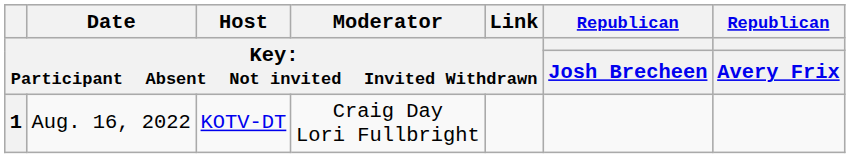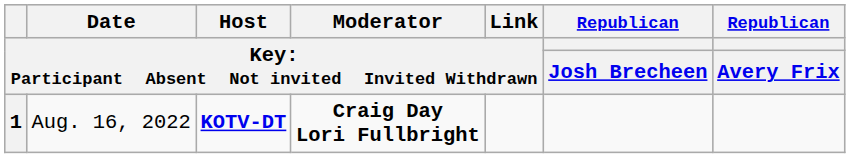 <table class="wikitable" style="text-align:center;">
 <tr>
 <th scope="col"></th>
 <th scope="col">Date</th>
 <th scope="col">Host</th>
 <th scope="col">Moderator</th>
 <th scope="col">Link</th>
 <th scope="col"><small><a href='#'>Republican</a></small></th>
 <th scope="col"><small><a href='#'>Republican</a></small></th>
 </tr>
 <tr>
 <th colspan="5" rowspan="2">Key:<br> <small>Participant </small>  <small>Absent </small>  <small>Not invited </small>  <small>Invited  Withdrawn</small></th>
 <th scope="col" style="background:"></th>
 <th scope="col" style="background:"></th>
 </tr>
 <tr>
 <th scope="col"><a href='#'>Josh Brecheen</a></th>
 <th scope="col"><a href='#'>Avery Frix</a></th>
 </tr>
 <tr>
 <th>1</th>
 <td style="white-space:nowrap;">Aug. 16, 2022</td>
-<td style="white-space:nowrap;"><a href='#'>KOTV-DT</a></td>
-<td style="white-space:nowrap;">Craig Day<br>Lori Fullbright</td>
+<td style="white-space:nowrap;"><strong><a href='#'>KOTV-DT</a></strong></td>
+<td style="white-space:nowrap;"><strong>Craig Day<br>Lori Fullbright</strong></td>
 <td style="white-space:nowrap;"></td>
 <td></td>
 <td></td>
 </tr>
 </table>
